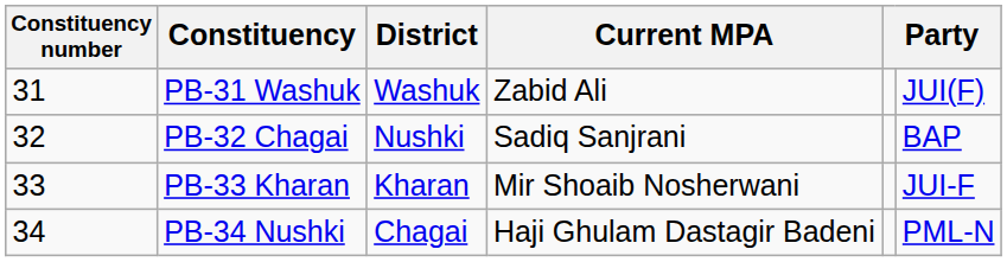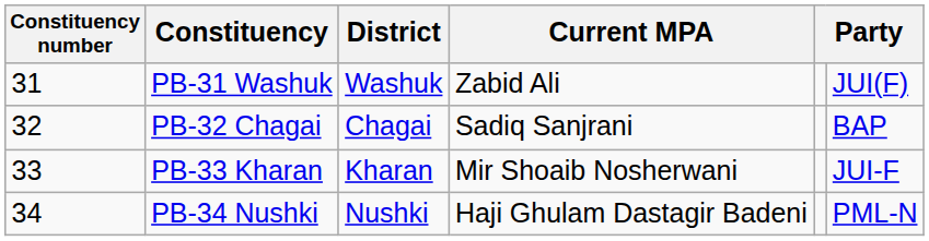 <table class="wikitable">
 <tr>
 <th width="50px" style="font-size:75%">Constituency number</th>
 <th>Constituency</th>
 <th>District</th>
 <th>Current MPA</th>
 <th colspan="2">Party</th>
 </tr>
 <tr>
 <td>31</td>
 <td><a href='#'>PB-31 Washuk</a></td>
 <td><a href='#'>Washuk</a></td>
 <td>Zabid Ali</td>
 <td></td>
 <td><a href='#'>JUI(F)</a></td>
 </tr>
 <tr>
 <td>32</td>
 <td><a href='#'>PB-32 Chagai</a></td>
-<td><a href='#'>Nushki</a></td>
+<td><a href='#'>Chagai</a></td>
 <td>Sadiq Sanjrani</td>
 <td></td>
 <td><a href='#'>BAP</a></td>
 </tr>
 <tr>
 <td>33</td>
 <td><a href='#'>PB-33 Kharan</a></td>
 <td><a href='#'>Kharan</a></td>
 <td>Mir Shoaib Nosherwani</td>
 <td></td>
 <td><a href='#'>JUI-F</a></td>
 </tr>
 <tr>
 <td>34</td>
 <td><a href='#'>PB-34 Nushki</a></td>
-<td><a href='#'>Chagai</a></td>
+<td><a href='#'>Nushki</a></td>
 <td>Haji Ghulam Dastagir Badeni</td>
 <td></td>
 <td><a href='#'>PML-N</a></td>
 </tr>
 </table>
